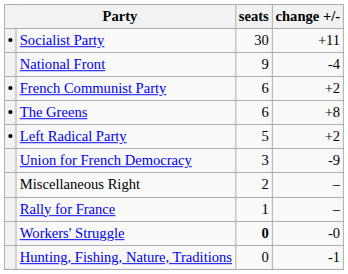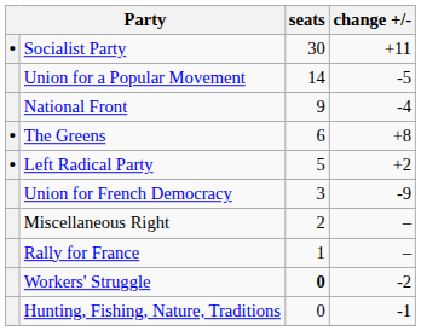 <table class="wikitable" style="font-size: 95%;">
 <tr>
 <th colspan=2>Party</th>
 <th>seats</th>
 <th>change +/-</th>
 </tr>
 <tr>
 <th style="background-color: "><span>•</span></th>
 <td><a href='#'>Socialist Party</a></td>
 <td align="right">30</td>
 <td align="right">+11</td>
 </tr>
 <tr>
 <th style="background-color: "></th>
+<td><a href='#'>Union for a Popular Movement</a></td>
+<td align="right">14</td>
+<td align="right">-5</td>
+</tr>
+<tr>
+<th style="background-color: "></th>
 <td><a href='#'>National Front</a></td>
 <td align="right">9</td>
 <td align="right">-4</td>
-</tr>
-<tr>
-<th style="background-color: "><span>•</span></th>
-<td><a href='#'>French Communist Party</a></td>
-<td align="right">6</td>
-<td align="right">+2</td>
 </tr>
 <tr>
 <th style="background-color: "><span>•</span></th>
 <td><a href='#'>The Greens</a></td>
 <td align="right">6</td>
 <td align="right">+8</td>
 </tr>
 <tr>
 <th style="background-color: "><span>•</span></th>
 <td><a href='#'>Left Radical Party</a></td>
 <td align="right">5</td>
 <td align="right">+2</td>
 </tr>
 <tr>
 <th style="background-color: "></th>
 <td><a href='#'>Union for French Democracy</a></td>
 <td align="right">3</td>
 <td align="right">-9</td>
 </tr>
 <tr>
 <th style="background-color: "></th>
 <td>Miscellaneous Right</td>
 <td align="right">2</td>
 <td align="right">–</td>
 </tr>
 <tr>
 <th style="background-color: "></th>
 <td><a href='#'>Rally for France</a></td>
 <td align="right">1</td>
 <td align="right">–</td>
 </tr>
 <tr>
 <th style="background-color: "></th>
 <td><a href='#'>Workers' Struggle</a></td>
 <td align="right"><strong>0</strong></td>
-<td align="right">-0</td>
+<td align="right">-2</td>
 </tr>
 <tr>
 <th style="background-color: "></th>
 <td><a href='#'>Hunting, Fishing, Nature, Traditions</a></td>
 <td align="right">0</td>
 <td align="right">-1</td>
 </tr>
 <tr>
 </tr>
 </table>
